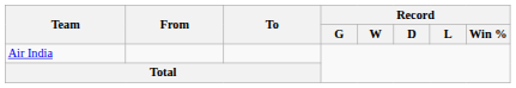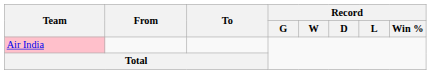 <table class="wikitable" style="text-align: center">
 <tr>
 <th rowspan=2! width=150>Team</th>
 <th rowspan=2! width=120>From</th>
 <th rowspan=2! width=120>To</th>
 <th colspan=7>Record</th>
 </tr>
 <tr>
 <th width=40>G</th>
 <th width=40>W</th>
 <th width=40>D</th>
 <th width=40>L</th>
 <th width=50>Win %</th>
 </tr>
 <tr>
-<td align=left><a href='#'>Air India</a></td>
+<td align=left style="background: pink;"><a href='#'>Air India</a></td>
 <td align=left></td>
 <td align=left><br></td>
 </tr>
 <tr>
 <th colspan="3">Total<br></th>
 </tr>
 </table>
